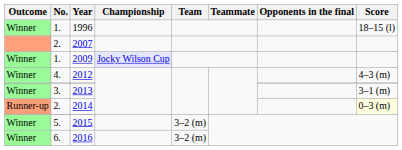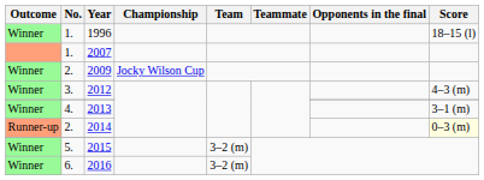 <table class="sortable wikitable">
 <tr>
 <th>Outcome</th>
 <th>No.</th>
 <th>Year</th>
 <th>Championship</th>
 <th>Team</th>
 <th>Teammate</th>
 <th>Opponents in the final</th>
 <th>Score </th>
 </tr>
 <tr>
 <td style="background:#98FB98">Winner</td>
 <td>1.</td>
 <td>1996</td>
 <td></td>
 <td colspan=2></td>
 <td></td>
 <td>18–15 (l)</td>
 </tr>
 <tr>
 <td style="background:#ffa07a"></td>
-<td>2.</td>
+<td>1.</td>
 <td><a href='#'>2007</a></td>
 <td></td>
 <td colspan=2></td>
 <td></td>
 <td></td>
 </tr>
 <tr>
 <td style="background:#98FB98">Winner</td>
-<td>1.</td>
+<td>2.</td>
 <td><a href='#'>2009</a></td>
-<td style="background: lavender;"><a href='#'>Jocky Wilson Cup</a></td>
+<td><a href='#'>Jocky Wilson Cup</a></td>
 <td colspan=2></td>
 <td></td>
 <td></td>
 </tr>
 <tr>
 <td style="background:#98FB98">Winner</td>
-<td>4.</td>
+<td>3.</td>
 <td><a href='#'>2012</a></td>
 <td rowspan=5></td>
 <td rowspan=5></td>
 <td rowspan=5></td>
 <td></td>
 <td>4–3 (m)</td>
 </tr>
 <tr>
 </tr>
 <tr style=>
 <td style="background:#98FB98">Winner</td>
-<td>3.</td>
+<td>4.</td>
 <td><a href='#'>2013</a></td>
 <td></td>
 <td>3–1 (m)</td>
 </tr>
 <tr>
 <td style="background:#ffa07a">Runner-up</td>
 <td>2.</td>
 <td><a href='#'>2014</a></td>
 <td></td>
 <td style="background: lightyellow;">0–3 (m)</td>
 </tr>
 <tr>
 </tr>
 <tr style=>
 <td style="background:#98FB98">Winner</td>
 <td>5.</td>
 <td><a href='#'>2015</a></td>
 <td></td>
 <td>3–2 (m)</td>
 </tr>
 <tr>
 <td style="background:#98FB98">Winner</td>
 <td>6.</td>
 <td><a href='#'>2016</a></td>
 <td></td>
 <td>3–2 (m)</td>
 </tr>
 </table>
